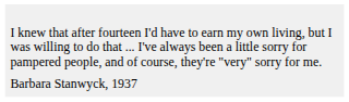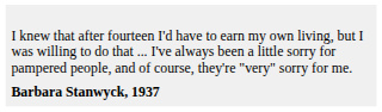 <table class="toccolours" style="float:right; margin-left:1em; margin-right:0; font-size:90%;background:#f0f0f0; color:black; width:30em; max-width:30%;" cellspacing="5">
 <tr>
 <td style="text-align: left;"><br>I knew that after fourteen I'd have to earn my own living, but I was willing to do that ... I've always been a little sorry for pampered people, and of course, they're "very" sorry for me.</td>
 </tr>
 <tr>
-<td style="text-align: left;">Barbara Stanwyck, 1937</td>
+<td style="text-align: left;"><strong>Barbara Stanwyck, 1937</strong></td>
 </tr>
 </table>
